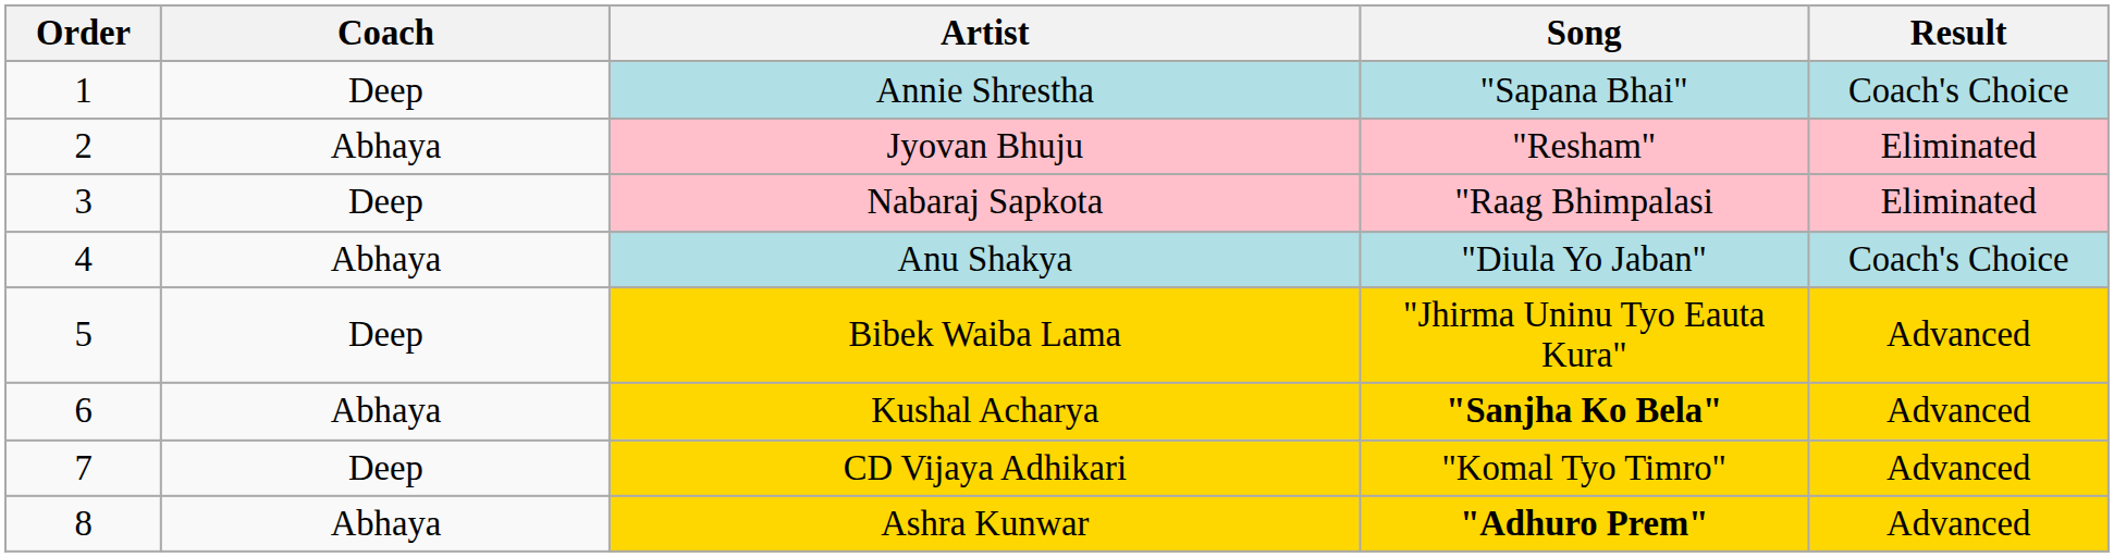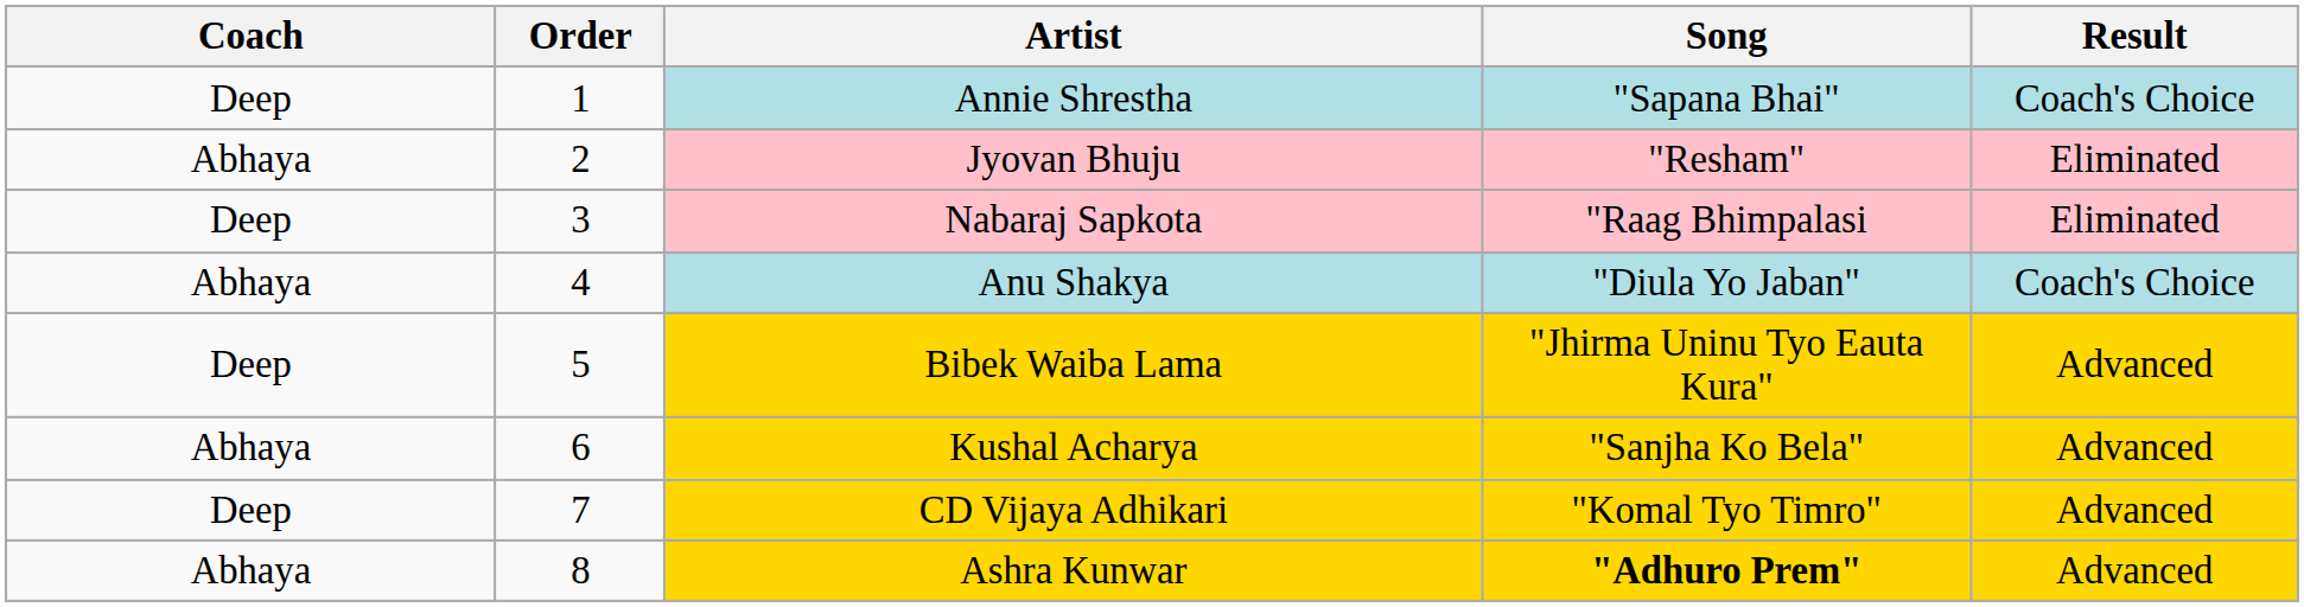 <table class="wikitable plainrowheaders" style="text-align:center; width:75%;">
 <tr>
+<th scope="col" style="width:15%;">Coach</th>
 <th scope="col" style="width:05%;">Order</th>
-<th scope="col" style="width:15%;">Coach</th>
 <th scope="col" style="width:25%;">Artist</th>
 <th scope="col" style="width:15%;">Song</th>
 <th scope="col" style="width:10%;">Result</th>
 </tr>
 <tr>
+<td>Deep</td>
 <td scope="row">1</td>
-<td>Deep</td>
 <td style="background:#b0e0e6">Annie Shrestha</td>
 <td style="background:#b0e0e6">"Sapana Bhai"</td>
 <td style="background:#b0e0e6">Coach's Choice</td>
 </tr>
 <tr>
+<td>Abhaya</td>
 <td scope="row">2</td>
-<td>Abhaya</td>
 <td style="background:pink">Jyovan Bhuju</td>
 <td style="background:pink">"Resham"</td>
 <td style="background:pink">Eliminated</td>
 </tr>
 <tr>
+<td>Deep</td>
 <td scope="row">3</td>
-<td>Deep</td>
 <td style="background:pink">Nabaraj Sapkota</td>
 <td style="background:pink">"Raag Bhimpalasi</td>
 <td style="background:pink">Eliminated</td>
 </tr>
 <tr>
+<td>Abhaya</td>
 <td scope="row">4</td>
-<td>Abhaya</td>
 <td style="background:#b0e0e6">Anu Shakya</td>
 <td style="background:#b0e0e6">"Diula Yo Jaban"</td>
 <td style="background:#b0e0e6">Coach's Choice</td>
 </tr>
 <tr>
+<td>Deep</td>
 <td scope="row">5</td>
-<td>Deep</td>
 <td style="background:gold">Bibek Waiba Lama</td>
 <td style="background:gold">"Jhirma Uninu Tyo Eauta Kura"</td>
 <td style="background:gold">Advanced</td>
 </tr>
 <tr>
+<td>Abhaya</td>
 <td scope="row">6</td>
-<td>Abhaya</td>
 <td style="background:gold">Kushal Acharya</td>
-<td style="background:gold"><strong>"Sanjha Ko Bela"</strong></td>
+<td style="background:gold">"Sanjha Ko Bela"</td>
 <td style="background:gold">Advanced</td>
 </tr>
 <tr>
+<td>Deep</td>
 <td scope="row">7</td>
-<td>Deep</td>
 <td style="background:gold">CD Vijaya Adhikari</td>
 <td style="background:gold">"Komal Tyo Timro"</td>
 <td style="background:gold">Advanced</td>
 </tr>
 <tr>
+<td>Abhaya</td>
 <td scope="row">8</td>
-<td>Abhaya</td>
 <td style="background:gold">Ashra Kunwar</td>
 <td style="background:gold"><strong>"Adhuro Prem"</strong></td>
 <td style="background:gold">Advanced</td>
 </tr>
 </table>
